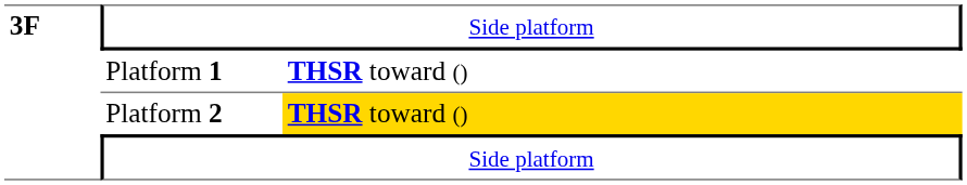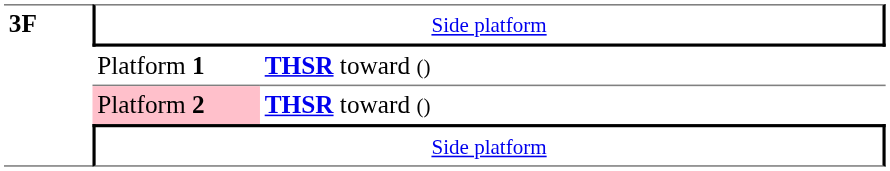 <table table border=0 cellspacing=0 cellpadding=3>
 <tr>
 <td style="border-bottom:solid 1px gray;border-top:solid 1px gray;" rowspan=38 valign=top  width=50><strong>3F</strong></td>
 </tr>
 <tr>
 <td style="border-right:solid 2px black;border-left:solid 2px black;border-bottom:solid 2px black;border-top:solid 1px gray;text-align:center;" colspan=2 width=50><small><a href='#'>Side platform</a></small></td>
 </tr>
 <tr>
 <td style="border-bottom:solid 1px gray;" width=100>Platform <span><strong>1</strong></span></td>
 <td style="border-bottom:solid 1px gray;" width=390><strong><a href='#'><span>THSR</span></a></strong> toward  <small>()</small></td>
 </tr>
 <tr>
-<td>Platform <span><strong>2</strong></span></td>
-<td style="background: gold;"><strong><a href='#'><span>THSR</span></a></strong> toward  <small>()</small></td>
+<td style="background: pink;">Platform <span><strong>2</strong></span></td>
+<td><strong><a href='#'><span>THSR</span></a></strong> toward  <small>()</small></td>
 </tr>
 <tr>
 <td style="border-top:solid 2px black;border-right:solid 2px black;border-left:solid 2px black;border-bottom:solid 1px gray;text-align:center;" colspan=2><small><a href='#'>Side platform</a></small></td>
 </tr>
 </table>
